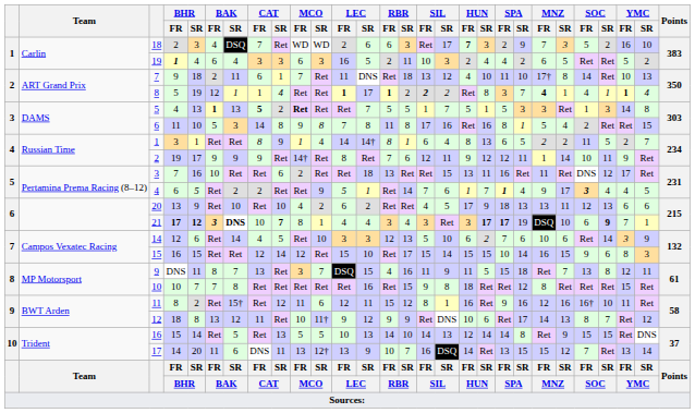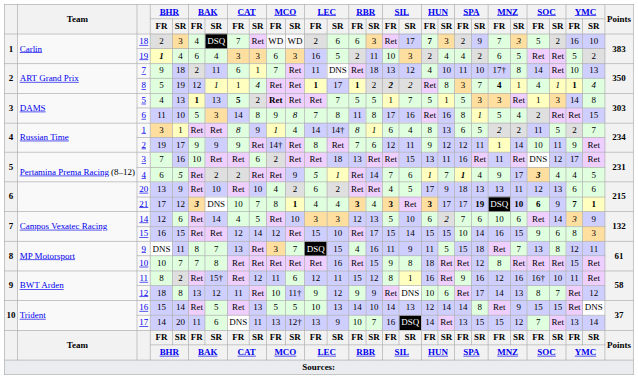 <table class="wikitable" style="font-size: 85%; text-align:center">
 <tr style="vertical-align:middle;">
 <th rowspan="2" style="vertical-align:middle"></th>
 <th rowspan="2" style="vertical-align:middle;background">Team</th>
 <th rowspan="2" style="vertical-align:middle"></th>
 <th colspan="2"><a href='#'>BHR</a><br></th>
 <th colspan="2"><a href='#'>BAK</a><br></th>
 <th colspan="2"><a href='#'>CAT</a><br></th>
 <th colspan="2"><a href='#'>MCO</a><br></th>
 <th colspan="2"><a href='#'>LEC</a><br></th>
 <th colspan="2"><a href='#'>RBR</a><br></th>
 <th colspan="2"><a href='#'>SIL</a><br></th>
 <th colspan="2"><a href='#'>HUN</a><br></th>
 <th colspan="2"><a href='#'>SPA</a><br></th>
 <th colspan="2"><a href='#'>MNZ</a><br></th>
 <th colspan="2"><a href='#'>SOC</a><br></th>
 <th colspan="2"><a href='#'>YMC</a><br></th>
 <th rowspan="2" style="vertical-align:middle">Points</th>
 </tr>
 <tr>
 <th>FR</th>
 <th>SR</th>
 <th>FR</th>
 <th>SR</th>
 <th>FR</th>
 <th>SR</th>
 <th>FR</th>
 <th>SR</th>
 <th>FR</th>
 <th>SR</th>
 <th>FR</th>
 <th>SR</th>
 <th>FR</th>
 <th>SR</th>
 <th>FR</th>
 <th>SR</th>
 <th>FR</th>
 <th>SR</th>
 <th>FR</th>
 <th>SR</th>
 <th>FR</th>
 <th>SR</th>
 <th>FR</th>
 <th>SR</th>
 </tr>
 <tr>
 <th rowspan="2">1</th>
 <td rowspan="2" align="left"> <a href='#'>Carlin</a></td>
 <td><a href='#'>18</a></td>
 <td style="background:#dfdfdf;">2</td>
 <td style="background:#ffdf9f;">3</td>
 <td style="background:#dfffdf;">4</td>
 <td style="background-color:#000000;color:white">DSQ</td>
 <td style="background:#dfffdf;">7</td>
 <td style="background:#efcfff;">Ret</td>
 <td>WD</td>
 <td>WD</td>
 <td style="background:#dfdfdf;">2</td>
 <td style="background:#dfffdf;">6</td>
 <td style="background:#dfffdf;">6</td>
 <td style="background:#ffdf9f;">3</td>
 <td style="background:#efcfff;">Ret</td>
 <td style="background:#cfcfff;">17</td>
 <td style="background:#dfffdf;"><strong>7</strong></td>
 <td style="background:#ffdf9f;">3</td>
 <td style="background:#dfdfdf;">2</td>
 <td style="background:#cfcfff;">9</td>
 <td style="background:#dfffdf;">7</td>
 <td style="background:#ffdf9f;"><em>3</em></td>
 <td style="background:#dfffdf;">5</td>
 <td style="background:#dfdfdf;">2</td>
 <td style="background:#cfcfff;">16</td>
 <td style="background:#cfcfff;">10</td>
 <th rowspan="2">383</th>
 </tr>
 <tr>
 <td><a href='#'>19</a></td>
 <td style="background:#ffffbf;"><strong><em>1</em></strong></td>
 <td style="background:#dfffdf;">4</td>
 <td style="background:#dfffdf;">6</td>
 <td style="background:#dfffdf;">4</td>
 <td style="background:#ffdf9f;">3</td>
 <td style="background:#ffdf9f;">3</td>
 <td style="background:#dfffdf;">6</td>
 <td style="background:#ffdf9f;">3</td>
 <td style="background:#cfcfff;">16</td>
 <td style="background:#dfffdf;">5</td>
 <td style="background:#dfdfdf;">2</td>
 <td style="background:#cfcfff;">11</td>
 <td style="background:#dfffdf;">10</td>
 <td style="background:#ffdf9f;">3</td>
 <td style="background:#dfdfdf;">2</td>
 <td style="background:#dfffdf;">4</td>
 <td style="background:#dfffdf;">4</td>
 <td style="background:#dfdfdf;">2</td>
 <td style="background:#dfffdf;">6</td>
 <td style="background:#dfffdf;">5</td>
 <td style="background:#efcfff;">Ret</td>
 <td style="background:#efcfff;">Ret</td>
 <td style="background:#dfffdf;">5</td>
 <td style="background:#dfdfdf;">2</td>
 </tr>
 <tr>
 <th rowspan="2">2</th>
 <td rowspan="2" align="left"> <a href='#'>ART Grand Prix</a></td>
 <td><a href='#'>7</a></td>
 <td style="background:#dfffdf;">9</td>
 <td style="background:#cfcfff;">18</td>
 <td style="background:#dfdfdf;">2</td>
 <td style="background:#cfcfff;">11</td>
 <td style="background:#dfffdf;">6</td>
 <td style="background:#ffffbf;">1</td>
 <td style="background:#dfffdf;">7</td>
 <td style="background:#efcfff;">Ret</td>
 <td style="background:#cfcfff;">11</td>
 <td style="background:#ffffff;">DNS</td>
 <td style="background:#efcfff;">Ret</td>
 <td style="background:#cfcfff;">18</td>
 <td style="background:#cfcfff;">13</td>
 <td style="background:#cfcfff;">12</td>
 <td style="background:#dfffdf;">4</td>
 <td style="background:#cfcfff;">10</td>
 <td style="background:#cfcfff;">11</td>
 <td style="background:#cfcfff;">10</td>
 <td style="background:#cfcfff;">17†</td>
 <td style="background:#dfffdf;">8</td>
 <td style="background:#cfcfff;">14</td>
 <td style="background:#efcfff;">Ret</td>
 <td style="background:#dfffdf;">10</td>
 <td style="background:#cfcfff;">13</td>
 <th rowspan="2">350</th>
 </tr>
 <tr>
 <td><a href='#'>8</a></td>
 <td style="background:#dfffdf;">5</td>
 <td style="background:#cfcfff;">19</td>
 <td style="background:#cfcfff;">12</td>
 <td style="background:#ffffbf;"><em>1</em></td>
 <td style="background:#ffffbf;">1</td>
 <td style="background:#dfffdf;"><em>4</em></td>
 <td style="background:#efcfff;">Ret</td>
 <td style="background:#efcfff;">Ret</td>
 <td style="background:#ffffbf;"><strong>1</strong></td>
 <td style="background:#cfcfff;">17</td>
 <td style="background:#ffffbf;"><strong>1</strong></td>
 <td style="background:#dfdfdf;">2</td>
 <td style="background:#dfdfdf;"><strong><em>2</em></strong></td>
 <td style="background:#dfdfdf;"><em>2</em></td>
 <td style="background:#efcfff;">Ret</td>
 <td style="background:#dfffdf;">8</td>
 <td style="background:#ffdf9f;">3</td>
 <td style="background:#dfffdf;">7</td>
 <td style="background:#dfffdf;"><strong>4</strong></td>
 <td style="background:#ffffbf;">1</td>
 <td style="background:#dfffdf;">4</td>
 <td style="background:#ffffbf;"><em>1</em></td>
 <td style="background:#ffffbf;"><strong>1</strong></td>
 <td style="background:#dfffdf;"><em>4</em></td>
 </tr>
 <tr>
 <th rowspan="2">3</th>
 <td rowspan="2" align="left"> <a href='#'>DAMS</a></td>
 <td><a href='#'>5</a></td>
 <td style="background:#dfffdf;">4</td>
 <td style="background:#cfcfff;">13</td>
 <td style="background:#ffffbf;"><strong>1</strong></td>
 <td style="background:#cfcfff;">13</td>
 <td style="background:#dfffdf;"><strong>5</strong></td>
 <td style="background:#dfdfdf;">2</td>
 <td style="background:#efcfff;"><strong>Ret</strong></td>
 <td style="background:#efcfff;">Ret</td>
 <td style="background:#efcfff;">Ret</td>
 <td style="background:#dfffdf;">7</td>
 <td style="background:#dfffdf;">5</td>
 <td style="background:#dfffdf;">5</td>
 <td style="background:#ffffbf;">1</td>
 <td style="background:#dfffdf;">7</td>
 <td style="background:#dfffdf;">5</td>
 <td style="background:#ffffbf;">1</td>
 <td style="background:#dfffdf;">5</td>
 <td style="background:#ffdf9f;">3</td>
 <td style="background:#ffdf9f;">3</td>
 <td style="background:#efcfff;">Ret</td>
 <td style="background:#ffffbf;">1</td>
 <td style="background:#ffdf9f;">3</td>
 <td style="background:#cfcfff;">14</td>
 <td style="background:#dfffdf;">8</td>
 <th rowspan="2">303</th>
 </tr>
 <tr>
 <td><a href='#'>6</a></td>
 <td style="background:#cfcfff;">11</td>
 <td style="background:#cfcfff;">10</td>
 <td style="background:#dfffdf;">5</td>
 <td style="background:#ffdf9f;">3</td>
 <td style="background:#cfcfff;">14</td>
 <td style="background:#dfffdf;">8</td>
 <td style="background:#dfffdf;">9</td>
 <td style="background:#dfffdf;"><em>8</em></td>
 <td style="background:#dfffdf;">7</td>
 <td style="background:#dfffdf;">8</td>
 <td style="background:#cfcfff;">11</td>
 <td style="background:#dfffdf;">8</td>
 <td style="background:#cfcfff;">17</td>
 <td style="background:#cfcfff;">16</td>
 <td style="background:#efcfff;">Ret</td>
 <td style="background:#cfcfff;">16</td>
 <td style="background:#dfffdf;">8</td>
 <td style="background:#ffffbf;"><em>1</em></td>
 <td style="background:#dfffdf;">5</td>
 <td style="background:#dfffdf;">4</td>
 <td style="background:#dfdfdf;">2</td>
 <td style="background:#efcfff;">Ret</td>
 <td style="background:#efcfff;">Ret</td>
 <td style="background:#cfcfff;">15</td>
 </tr>
 <tr>
 <th rowspan="2">4</th>
 <td rowspan="2" align="left"> <a href='#'>Russian Time</a></td>
 <td><a href='#'>1</a></td>
 <td style="background:#ffdf9f;">3</td>
 <td style="background:#ffffbf;">1</td>
 <td style="background:#efcfff;">Ret</td>
 <td style="background:#efcfff;">Ret</td>
 <td style="background:#dfffdf;"><em>8</em></td>
 <td style="background:#cfcfff;">9</td>
 <td style="background:#ffffbf;"><em>1</em></td>
 <td style="background:#dfffdf;">4</td>
 <td style="background:#cfcfff;">14</td>
 <td style="background:#cfcfff;">14†</td>
 <td style="background:#dfffdf;"><em>8</em></td>
 <td style="background:#ffffbf;"><em>1</em></td>
 <td style="background:#dfffdf;">6</td>
 <td style="background:#dfffdf;">4</td>
 <td style="background:#dfffdf;">8</td>
 <td style="background:#cfcfff;">13</td>
 <td style="background:#dfffdf;">6</td>
 <td style="background:#dfffdf;">5</td>
 <td style="background:#dfdfdf;"><em>2</em></td>
 <td style="background:#dfdfdf;">2</td>
 <td style="background:#cfcfff;">11</td>
 <td style="background:#dfffdf;">5</td>
 <td style="background:#dfdfdf;">2</td>
 <td style="background:#dfffdf;">7</td>
 <th rowspan="2">234</th>
 </tr>
 <tr>
 <td><a href='#'>2</a></td>
 <td style="background:#cfcfff;">19</td>
 <td style="background:#cfcfff;">17</td>
 <td style="background:#dfffdf;">9</td>
 <td style="background:#cfcfff;">9</td>
 <td style="background:#dfffdf;">9</td>
 <td style="background:#efcfff;">Ret</td>
 <td style="background:#cfcfff;">14†</td>
 <td style="background:#efcfff;">Ret</td>
 <td style="background:#dfffdf;">8</td>
 <td style="background:#efcfff;">Ret</td>
 <td style="background:#dfffdf;">7</td>
 <td style="background:#dfffdf;">6</td>
 <td style="background:#cfcfff;">12</td>
 <td style="background:#cfcfff;">11</td>
 <td style="background:#dfffdf;">9</td>
 <td style="background:#cfcfff;">12</td>
 <td style="background:#cfcfff;">12</td>
 <td style="background:#cfcfff;">11</td>
 <td style="background:#ffffbf;">1</td>
 <td style="background:#cfcfff;">14</td>
 <td style="background:#dfffdf;">10</td>
 <td style="background:#cfcfff;">11</td>
 <td style="background:#dfffdf;">9</td>
 <td style="background:#efcfff;">Ret</td>
 </tr>
 <tr>
 <th rowspan="2">5</th>
 <td rowspan="2" align="left"><br> <a href='#'>Pertamina Prema Racing</a> (8–12)</td>
 <td><a href='#'>3</a></td>
 <td style="background:#dfffdf;">7</td>
 <td style="background:#cfcfff;">16</td>
 <td style="background:#dfffdf;">10</td>
 <td style="background:#efcfff;">Ret</td>
 <td style="background:#efcfff;">Ret</td>
 <td style="background:#dfffdf;">6</td>
 <td style="background:#dfdfdf;">2</td>
 <td style="background:#efcfff;">Ret</td>
 <td style="background:#efcfff;">Ret</td>
 <td style="background:#cfcfff;">18</td>
 <td style="background:#cfcfff;">13</td>
 <td style="background:#efcfff;">Ret</td>
 <td style="background:#efcfff;">Ret</td>
 <td style="background:#cfcfff;">15</td>
 <td style="background:#cfcfff;">13</td>
 <td style="background:#cfcfff;">11</td>
 <td style="background:#cfcfff;">16</td>
 <td style="background:#efcfff;">Ret</td>
 <td style="background:#cfcfff;">11</td>
 <td style="background:#efcfff;">Ret</td>
 <td style="background:#ffffff;">DNS</td>
 <td style="background:#cfcfff;">12</td>
 <td style="background:#cfcfff;">17</td>
 <td style="background:#efcfff;">Ret</td>
 <th rowspan="2">231</th>
 </tr>
 <tr>
 <td><a href='#'>4</a></td>
 <td style="background:#dfffdf;">6</td>
 <td style="background:#dfffdf;"><em>5</em></td>
 <td style="background:#efcfff;">Ret</td>
 <td style="background:#dfdfdf;">2</td>
 <td style="background:#dfdfdf;">2</td>
 <td style="background:#efcfff;">Ret</td>
 <td style="background:#efcfff;">Ret</td>
 <td style="background:#cfcfff;">9</td>
 <td style="background:#dfffdf;"><em>5</em></td>
 <td style="background:#ffffbf;"><em>1</em></td>
 <td style="background:#efcfff;">Ret</td>
 <td style="background:#cfcfff;">14</td>
 <td style="background:#dfffdf;">7</td>
 <td style="background:#dfffdf;">6</td>
 <td style="background:#ffffbf;"><em>1</em></td>
 <td style="background:#dfffdf;">7</td>
 <td style="background:#ffffbf;"><strong><em>1</em></strong></td>
 <td style="background:#dfffdf;">4</td>
 <td style="background:#dfffdf;">9</td>
 <td style="background:#cfcfff;">17</td>
 <td style="background:#ffdf9f;"><strong><em>3</em></strong></td>
 <td style="background:#dfffdf;">4</td>
 <td style="background:#dfffdf;">4</td>
 <td style="background:#dfffdf;">5</td>
 </tr>
 <tr>
 <th rowspan="2">6</th>
 <td rowspan="2" align="left"></td>
 <td><a href='#'>20</a></td>
 <td style="background:#cfcfff;">13</td>
 <td style="background:#cfcfff;">9</td>
 <td style="background:#efcfff;">Ret</td>
 <td style="background:#cfcfff;">10</td>
 <td style="background:#efcfff;">Ret</td>
 <td style="background:#cfcfff;">10</td>
 <td style="background:#dfffdf;">4</td>
 <td style="background:#dfdfdf;">2</td>
 <td style="background:#dfffdf;">6</td>
 <td style="background:#dfdfdf;">2</td>
 <td style="background:#efcfff;">Ret</td>
 <td style="background:#efcfff;">Ret</td>
 <td style="background:#dfffdf;">4</td>
 <td style="background:#dfffdf;">5</td>
 <td style="background:#cfcfff;">17</td>
 <td style="background:#cfcfff;">9</td>
 <td style="background:#cfcfff;">18</td>
 <td style="background:#cfcfff;">13</td>
 <td style="background:#cfcfff;">13</td>
 <td style="background:#cfcfff;">11</td>
 <td style="background:#cfcfff;">12</td>
 <td style="background:#cfcfff;">13</td>
 <td style="background:#dfffdf;">6</td>
 <td style="background:#dfffdf;">6</td>
 <th rowspan="2">215</th>
 </tr>
 <tr>
 <td><a href='#'>21</a></td>
-<td style="background:#cfcfff;"><strong>17</strong></td>
-<td style="background:#cfcfff;"><strong>12</strong></td>
+<td style="background:#cfcfff;">17</td>
+<td style="background:#cfcfff;">12</td>
 <td style="background:#ffdf9f;"><strong><em>3</em></strong></td>
-<td style="background:#ffffff;"><strong>DNS</strong></td>
+<td style="background:#ffffff;">DNS</td>
 <td style="background:#dfffdf;">10</td>
-<td style="background:#dfffdf;"><strong>7</strong></td>
+<td style="background:#dfffdf;">7</td>
 <td style="background:#dfffdf;">8</td>
-<td style="background:#ffffbf;">1</td>
+<td style="background:#ffffbf;"><strong>1</strong></td>
 <td style="background:#dfffdf;">4</td>
 <td style="background:#dfffdf;">4</td>
-<td style="background:#ffdf9f;">3</td>
+<td style="background:#ffdf9f;"><strong>3</strong></td>
 <td style="background:#dfffdf;">4</td>
-<td style="background:#ffdf9f;">3</td>
+<td style="background:#ffdf9f;"><strong>3</strong></td>
 <td style="background:#efcfff;">Ret</td>
-<td style="background:#ffdf9f;">3</td>
-<td style="background:#cfcfff;"><strong>17</strong></td>
-<td style="background:#cfcfff;"><strong>17</strong></td>
-<td style="background:#cfcfff;">19</td>
+<td style="background:#ffdf9f;"><strong>3</strong></td>
+<td style="background:#cfcfff;">17</td>
+<td style="background:#cfcfff;">17</td>
+<td style="background:#cfcfff;"><strong>19</strong></td>
 <td style="background-color:#000000;color:white">DSQ</td>
-<td style="background:#cfcfff;">10</td>
-<td style="background:#dfffdf;">6</td>
-<td style="background:#cfcfff;"><strong>9</strong></td>
-<td style="background:#dfffdf;">7</td>
-<td style="background:#ffffbf;">1</td>
+<td style="background:#cfcfff;"><strong>10</strong></td>
+<td style="background:#dfffdf;"><strong>6</strong></td>
+<td style="background:#cfcfff;">9</td>
+<td style="background:#dfffdf;"><strong>7</strong></td>
+<td style="background:#ffffbf;"><strong>1</strong></td>
 </tr>
 <tr>
 <th rowspan="2">7</th>
 <td rowspan="2" align="left"> <a href='#'>Campos Vexatec Racing</a></td>
 <td><a href='#'>14</a></td>
 <td style="background:#cfcfff;">12</td>
 <td style="background:#dfffdf;">6</td>
 <td style="background:#efcfff;">Ret</td>
 <td style="background:#cfcfff;">14</td>
 <td style="background:#dfffdf;">4</td>
 <td style="background:#dfffdf;">5</td>
 <td style="background:#efcfff;">Ret</td>
 <td style="background:#cfcfff;">10</td>
 <td style="background:#ffdf9f;">3</td>
 <td style="background:#ffdf9f;">3</td>
 <td style="background:#cfcfff;">12</td>
 <td style="background:#cfcfff;">13</td>
 <td style="background:#dfffdf;">5</td>
 <td style="background:#cfcfff;">10</td>
 <td style="background:#dfffdf;">6</td>
 <td style="background:#dfdfdf;"><em>2</em></td>
 <td style="background:#dfffdf;">7</td>
 <td style="background:#dfffdf;">6</td>
 <td style="background:#dfffdf;">10</td>
 <td style="background:#dfffdf;">6</td>
 <td style="background:#efcfff;">Ret</td>
 <td style="background:#cfcfff;">14</td>
 <td style="background:#ffdf9f;"><em>3</em></td>
 <td style="background:#cfcfff;">9</td>
 <th rowspan="2">132</th>
 </tr>
 <tr>
 <td><a href='#'>15</a></td>
 <td style="background:#cfcfff;">16</td>
 <td style="background:#cfcfff;">15</td>
 <td style="background:#efcfff;">Ret</td>
 <td style="background:#efcfff;">Ret</td>
 <td style="background:#cfcfff;">12</td>
 <td style="background:#cfcfff;">14</td>
 <td style="background:#cfcfff;">12</td>
 <td style="background:#efcfff;">Ret</td>
 <td style="background:#cfcfff;">15</td>
 <td style="background:#cfcfff;">10</td>
 <td style="background:#efcfff;">Ret</td>
 <td style="background:#cfcfff;">17</td>
 <td style="background:#cfcfff;">15</td>
 <td style="background:#cfcfff;">14</td>
 <td style="background:#cfcfff;">15</td>
 <td style="background:#cfcfff;">15</td>
 <td style="background:#dfffdf;">10</td>
 <td style="background:#cfcfff;">14</td>
 <td style="background:#cfcfff;">16</td>
 <td style="background:#cfcfff;">15</td>
 <td style="background:#dfffdf;">9</td>
 <td style="background:#dfffdf;">6</td>
 <td style="background:#dfffdf;">8</td>
 <td style="background:#ffdf9f;">3</td>
 </tr>
 <tr>
 <th rowspan="2">8</th>
 <td rowspan="2" align="left"> <a href='#'>MP Motorsport</a></td>
 <td><a href='#'>9</a></td>
 <td style="background:#ffffff;">DNS</td>
 <td style="background:#cfcfff;">11</td>
 <td style="background:#dfffdf;">8</td>
 <td style="background:#dfffdf;">7</td>
 <td style="background:#cfcfff;">13</td>
 <td style="background:#efcfff;">Ret</td>
 <td style="background:#ffdf9f;">3</td>
 <td style="background:#dfffdf;">7</td>
 <td style="background-color:#000000;color:white">DSQ</td>
 <td style="background:#cfcfff;">15</td>
 <td style="background:#dfffdf;">4</td>
 <td style="background:#cfcfff;">16</td>
 <td style="background:#cfcfff;">11</td>
 <td style="background:#cfcfff;">9</td>
 <td style="background:#cfcfff;">11</td>
 <td style="background:#dfffdf;">5</td>
 <td style="background:#cfcfff;">15</td>
 <td style="background:#cfcfff;">18</td>
 <td style="background:#efcfff;">Ret</td>
 <td style="background:#dfffdf;">7</td>
 <td style="background:#cfcfff;">13</td>
 <td style="background:#dfffdf;">8</td>
 <td style="background:#cfcfff;">12</td>
 <td style="background:#cfcfff;">11</td>
 <th rowspan="2">61</th>
 </tr>
 <tr>
 <td><a href='#'>10</a></td>
 <td style="background:#dfffdf;">10</td>
 <td style="background:#dfffdf;">7</td>
 <td style="background:#dfffdf;">7</td>
 <td style="background:#dfffdf;">8</td>
 <td style="background:#efcfff;">Ret</td>
 <td style="background:#efcfff;">Ret</td>
 <td style="background:#efcfff;">Ret</td>
 <td style="background:#efcfff;">Ret</td>
 <td style="background:#efcfff;">Ret</td>
 <td style="background:#cfcfff;">16</td>
 <td style="background:#efcfff;">Ret</td>
 <td style="background:#cfcfff;">15</td>
 <td style="background:#dfffdf;">9</td>
 <td style="background:#dfffdf;">8</td>
 <td style="background:#cfcfff;">18</td>
 <td style="background:#efcfff;">Ret</td>
 <td style="background:#efcfff;">Ret</td>
 <td style="background:#cfcfff;">12</td>
 <td style="background:#dfffdf;">8</td>
 <td style="background:#efcfff;">Ret</td>
 <td style="background:#efcfff;">Ret</td>
 <td style="background:#efcfff;">Ret</td>
 <td style="background:#cfcfff;">15</td>
 <td style="background:#efcfff;">Ret</td>
 </tr>
 <tr>
 <th rowspan="2">9</th>
 <td rowspan="2" align="left"> <a href='#'>BWT Arden</a></td>
 <td><a href='#'>11</a></td>
 <td style="background:#dfffdf;">8</td>
 <td style="background:#dfdfdf;">2</td>
 <td style="background:#efcfff;">Ret</td>
 <td style="background:#cfcfff;">15†</td>
 <td style="background:#efcfff;">Ret</td>
 <td style="background:#cfcfff;">12</td>
 <td style="background:#cfcfff;">11</td>
 <td style="background:#dfffdf;">6</td>
 <td style="background:#cfcfff;">12</td>
 <td style="background:#cfcfff;">11</td>
 <td style="background:#cfcfff;">15</td>
 <td style="background:#cfcfff;">12</td>
 <td style="background:#dfffdf;">8</td>
 <td style="background:#ffffbf;">1</td>
 <td style="background:#cfcfff;">16</td>
 <td style="background:#efcfff;">Ret</td>
 <td style="background:#dfffdf;">9</td>
 <td style="background:#cfcfff;">16</td>
 <td style="background:#cfcfff;">12</td>
 <td style="background:#cfcfff;">16</td>
 <td style="background:#cfcfff;">16†</td>
 <td style="background:#cfcfff;">10</td>
 <td style="background:#cfcfff;">11</td>
 <td style="background:#efcfff;">Ret</td>
 <th rowspan="2">58</th>
 </tr>
 <tr>
 <td><a href='#'>12</a></td>
 <td style="background:#cfcfff;">18</td>
 <td style="background:#dfffdf;">8</td>
 <td style="background:#cfcfff;">13</td>
 <td style="background:#cfcfff;">12</td>
 <td style="background:#cfcfff;">11</td>
 <td style="background:#efcfff;">Ret</td>
 <td style="background:#dfffdf;">10</td>
 <td style="background:#cfcfff;">11†</td>
 <td style="background:#dfffdf;">9</td>
 <td style="background:#cfcfff;">12</td>
 <td style="background:#dfffdf;">9</td>
 <td style="background:#cfcfff;">9</td>
 <td style="background:#efcfff;">Ret</td>
 <td style="background:#ffffff;">DNS</td>
 <td style="background:#dfffdf;">10</td>
 <td style="background:#dfffdf;">6</td>
 <td style="background:#efcfff;">Ret</td>
 <td style="background:#cfcfff;">17</td>
 <td style="background:#cfcfff;">14</td>
 <td style="background:#cfcfff;">13</td>
 <td style="background:#dfffdf;">8</td>
 <td style="background:#dfffdf;">7</td>
 <td style="background:#efcfff;">Ret</td>
 <td style="background:#cfcfff;">12</td>
 </tr>
 <tr>
 <th rowspan="2">10</th>
 <td rowspan="2" align="left"> <a href='#'>Trident</a></td>
 <td><a href='#'>16</a></td>
 <td style="background:#cfcfff;">15</td>
 <td style="background:#cfcfff;">14</td>
 <td style="background:#efcfff;">Ret</td>
 <td style="background:#dfffdf;">5</td>
 <td style="background:#efcfff;">Ret</td>
 <td style="background:#cfcfff;">13</td>
 <td style="background:#dfffdf;">5</td>
 <td style="background:#dfffdf;">5</td>
 <td style="background:#dfffdf;">10</td>
 <td style="background:#cfcfff;">13</td>
 <td style="background:#cfcfff;">14</td>
 <td style="background:#cfcfff;">10</td>
 <td style="background:#cfcfff;">14</td>
 <td style="background:#cfcfff;">13</td>
 <td style="background:#cfcfff;">12</td>
 <td style="background:#cfcfff;">14</td>
 <td style="background:#cfcfff;">14</td>
 <td style="background:#dfffdf;">8</td>
 <td style="background:#efcfff;">Ret</td>
 <td style="background:#cfcfff;">9</td>
 <td style="background:#cfcfff;">15</td>
 <td style="background:#cfcfff;">15</td>
 <td style="background:#efcfff;">Ret</td>
 <td style="background:#ffffff;">DNS</td>
 <th rowspan="2">37</th>
 </tr>
 <tr>
 <td><a href='#'>17</a></td>
 <td style="background:#cfcfff;">14</td>
 <td style="background:#cfcfff;">20</td>
 <td style="background:#cfcfff;">11</td>
 <td style="background:#dfffdf;">6</td>
 <td style="background:#ffffff;">DNS</td>
 <td style="background:#cfcfff;">11</td>
 <td style="background:#cfcfff;">13</td>
 <td style="background:#cfcfff;">12†</td>
 <td style="background:#cfcfff;">13</td>
 <td style="background:#cfcfff;">9</td>
 <td style="background:#dfffdf;">10</td>
 <td style="background:#dfffdf;">7</td>
 <td style="background:#cfcfff;">16</td>
 <td style="background-color:#000000;color:white">DSQ</td>
 <td style="background:#cfcfff;">14</td>
 <td style="background:#efcfff;">Ret</td>
 <td style="background:#cfcfff;">13</td>
 <td style="background:#cfcfff;">15</td>
 <td style="background:#cfcfff;">15</td>
 <td style="background:#cfcfff;">12</td>
 <td style="background:#dfffdf;">7</td>
 <td style="background:#efcfff;">Ret</td>
 <td style="background:#cfcfff;">13</td>
 <td style="background:#cfcfff;">14</td>
 </tr>
 <tr>
 <th rowspan="2"></th>
 <th rowspan="2">Team</th>
 <th rowspan="2"></th>
 <th>FR</th>
 <th>SR</th>
 <th>FR</th>
 <th>SR</th>
 <th>FR</th>
 <th>SR</th>
 <th>FR</th>
 <th>SR</th>
 <th>FR</th>
 <th>SR</th>
 <th>FR</th>
 <th>SR</th>
 <th>FR</th>
 <th>SR</th>
 <th>FR</th>
 <th>SR</th>
 <th>FR</th>
 <th>SR</th>
 <th>FR</th>
 <th>SR</th>
 <th>FR</th>
 <th>SR</th>
 <th>FR</th>
 <th>SR</th>
 <th rowspan="2">Points</th>
 </tr>
 <tr>
 <th colspan="2"><a href='#'>BHR</a><br></th>
 <th colspan="2"><a href='#'>BAK</a><br></th>
 <th colspan="2"><a href='#'>CAT</a><br></th>
 <th colspan="2"><a href='#'>MCO</a><br></th>
 <th colspan="2"><a href='#'>LEC</a><br></th>
 <th colspan="2"><a href='#'>RBR</a><br></th>
 <th colspan="2"><a href='#'>SIL</a><br></th>
 <th colspan="2"><a href='#'>HUN</a><br></th>
 <th colspan="2"><a href='#'>SPA</a><br></th>
 <th colspan="2"><a href='#'>MNZ</a><br></th>
 <th colspan="2"><a href='#'>SOC</a><br></th>
 <th colspan="2"><a href='#'>YMC</a><br></th>
 </tr>
 <tr>
 <td colspan="28" style="background-color:#EAECF0;text-align:center" align="bottom"><strong>Sources:</strong></td>
 </tr>
 </table>
